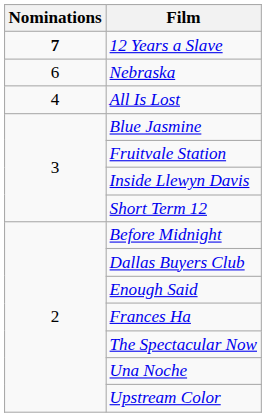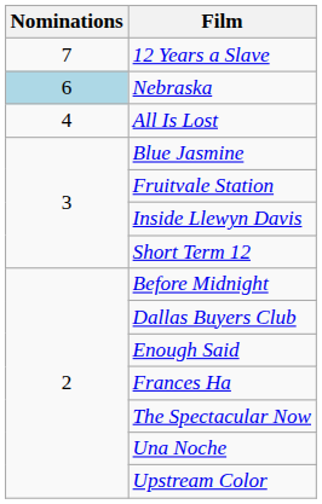 <table class="wikitable">
 <tr>
 <th>Nominations</th>
 <th>Film</th>
 </tr>
 <tr>
-<td style="text-align:center;"><strong>7</strong></td>
+<td style="text-align:center;">7</td>
 <td><em><a href='#'>12 Years a Slave</a></em></td>
 </tr>
 <tr>
-<td style="text-align:center;">6</td>
+<td style="background: lightblue; text-align:center;">6</td>
 <td><em><a href='#'>Nebraska</a></em></td>
 </tr>
 <tr>
 <td style="text-align:center;">4</td>
 <td><em><a href='#'>All Is Lost</a></em></td>
 </tr>
 <tr>
 <td rowspan="4" style="text-align:center;">3</td>
 <td><em><a href='#'>Blue Jasmine</a></em></td>
 </tr>
 <tr>
 <td><em><a href='#'>Fruitvale Station</a></em></td>
 </tr>
 <tr>
 <td><em><a href='#'>Inside Llewyn Davis</a></em></td>
 </tr>
 <tr>
 <td><em><a href='#'>Short Term 12</a></em></td>
 </tr>
 <tr>
 <td rowspan="7" style="text-align:center;">2</td>
 <td><em><a href='#'>Before Midnight</a></em></td>
 </tr>
 <tr>
 <td><em><a href='#'>Dallas Buyers Club</a></em></td>
 </tr>
 <tr>
 <td><em><a href='#'>Enough Said</a></em></td>
 </tr>
 <tr>
 <td><em><a href='#'>Frances Ha</a></em></td>
 </tr>
 <tr>
 <td><em><a href='#'>The Spectacular Now</a></em></td>
 </tr>
 <tr>
 <td><em><a href='#'>Una Noche</a></em></td>
 </tr>
 <tr>
 <td><em><a href='#'>Upstream Color</a></em></td>
 </tr>
 </table>
